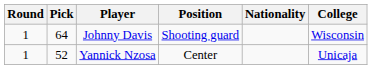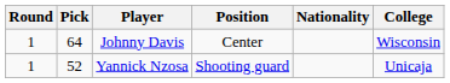 <table class="wikitable sortable sortable"ier>
 <tr>
 <th>Round</th>
 <th>Pick</th>
 <th>Player</th>
 <th>Position</th>
 <th>Nationality</th>
 <th>College</th>
 </tr>
 <tr style="text-align: center">
 <td>1</td>
 <td>64</td>
 <td><a href='#'>Johnny Davis</a></td>
-<td><a href='#'>Shooting guard</a></td>
+<td>Center</td>
 <td></td>
 <td><a href='#'>Wisconsin</a></td>
 </tr>
 <tr style="text-align: center">
 <td>1</td>
 <td>52</td>
 <td><a href='#'>Yannick Nzosa</a></td>
-<td>Center</td>
+<td><a href='#'>Shooting guard</a></td>
 <td></td>
 <td><a href='#'>Unicaja</a> </td>
 </tr>
 </table>
